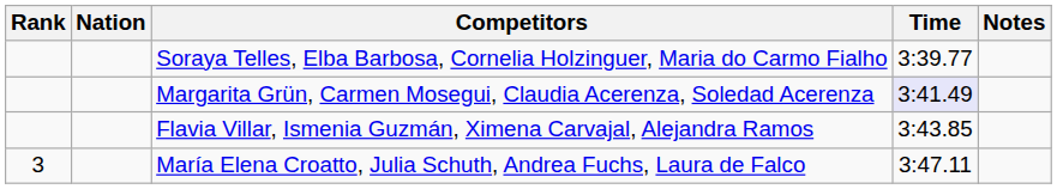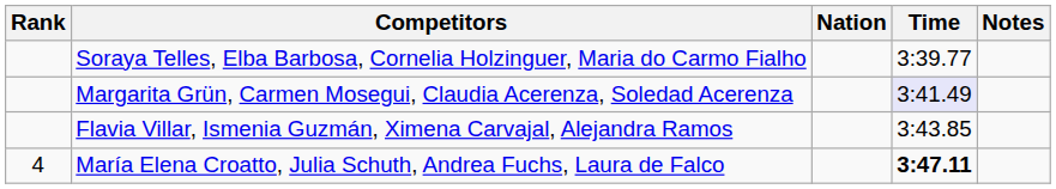 <table class="wikitable sortable" style="text-align:center">
 <tr>
 <th>Rank</th>
+<th>Competitors</th>
 <th>Nation</th>
-<th>Competitors</th>
 <th>Time</th>
 <th>Notes</th>
 </tr>
 <tr>
 <td></td>
+<td align=left><a href='#'>Soraya Telles</a>, <a href='#'>Elba Barbosa</a>, <a href='#'>Cornelia Holzinguer</a>, <a href='#'>Maria do Carmo Fialho</a></td>
 <td align=left></td>
-<td align=left><a href='#'>Soraya Telles</a>, <a href='#'>Elba Barbosa</a>, <a href='#'>Cornelia Holzinguer</a>, <a href='#'>Maria do Carmo Fialho</a></td>
 <td>3:39.77</td>
 <td></td>
 </tr>
 <tr>
 <td></td>
+<td align=left><a href='#'>Margarita Grün</a>, <a href='#'>Carmen Mosegui</a>, <a href='#'>Claudia Acerenza</a>, <a href='#'>Soledad Acerenza</a></td>
 <td align=left></td>
-<td align=left><a href='#'>Margarita Grün</a>, <a href='#'>Carmen Mosegui</a>, <a href='#'>Claudia Acerenza</a>, <a href='#'>Soledad Acerenza</a></td>
 <td style="background: lavender;">3:41.49</td>
 <td></td>
 </tr>
 <tr>
 <td></td>
+<td align=left><a href='#'>Flavia Villar</a>, <a href='#'>Ismenia Guzmán</a>, <a href='#'>Ximena Carvajal</a>, <a href='#'>Alejandra Ramos</a></td>
 <td align=left></td>
-<td align=left><a href='#'>Flavia Villar</a>, <a href='#'>Ismenia Guzmán</a>, <a href='#'>Ximena Carvajal</a>, <a href='#'>Alejandra Ramos</a></td>
 <td>3:43.85</td>
 <td></td>
 </tr>
 <tr>
-<td>3</td>
+<td>4</td>
+<td align=left><a href='#'>María Elena Croatto</a>, <a href='#'>Julia Schuth</a>, <a href='#'>Andrea Fuchs</a>, <a href='#'>Laura de Falco</a></td>
 <td align=left></td>
-<td align=left><a href='#'>María Elena Croatto</a>, <a href='#'>Julia Schuth</a>, <a href='#'>Andrea Fuchs</a>, <a href='#'>Laura de Falco</a></td>
-<td>3:47.11</td>
+<td><strong>3:47.11</strong></td>
 <td></td>
 </tr>
 </table>
